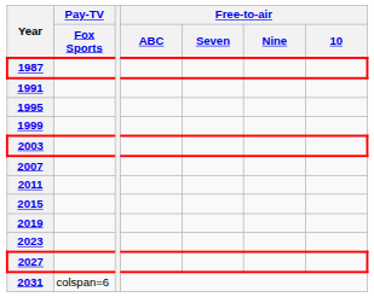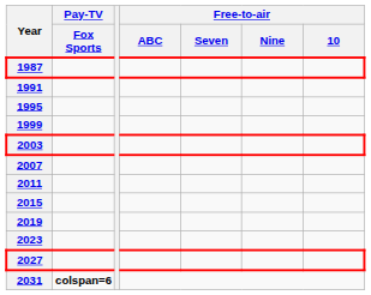 <table class="wikitable" style="float:right; font-size:96%">
 <tr>
 <th width=55px rowspan=2>Year</th>
 <th align=center><a href='#'>Pay-TV</a></th>
 <th rowspan=14></th>
 <th align=center colspan=4><a href='#'>Free-to-air</a></th>
 </tr>
 <tr>
 <th width=75px><a href='#'>Fox Sports</a><br></th>
 <th width=75px><a href='#'>ABC</a></th>
 <th width=75px><a href='#'>Seven</a></th>
 <th width=75px><a href='#'>Nine</a><br></th>
 <th width=75px><a href='#'>10</a></th>
 </tr>
 <tr style="border: 3px solid red">
 <th><a href='#'>1987</a></th>
 <td></td>
 <td></td>
 <td></td>
 <td></td>
 <td></td>
 </tr>
 <tr>
 <th><a href='#'>1991</a></th>
 <td></td>
 <td></td>
 <td></td>
 <td></td>
 <td></td>
 </tr>
 <tr>
 <th><a href='#'>1995</a></th>
 <td></td>
 <td></td>
 <td></td>
 <td></td>
 <td></td>
 </tr>
 <tr>
 <th><a href='#'>1999</a></th>
 <td></td>
 <td></td>
 <td></td>
 <td></td>
 <td></td>
 </tr>
 <tr style="border: 3px solid red">
 <th><a href='#'>2003</a></th>
 <td></td>
 <td></td>
 <td></td>
 <td></td>
 <td></td>
 </tr>
 <tr>
 <th><a href='#'>2007</a></th>
 <td></td>
 <td></td>
 <td></td>
 <td></td>
 <td></td>
 </tr>
 <tr>
 <th><a href='#'>2011</a></th>
 <td></td>
 <td></td>
 <td></td>
 <td></td>
 <td></td>
 </tr>
 <tr>
 <th><a href='#'>2015</a></th>
 <td></td>
 <td></td>
 <td></td>
 <td></td>
 <td></td>
 </tr>
 <tr>
 <th><a href='#'>2019</a></th>
 <td></td>
 <td></td>
 <td></td>
 <td></td>
 <td></td>
 </tr>
 <tr>
 <th><a href='#'>2023</a></th>
 <td></td>
 <td></td>
 <td></td>
 <td></td>
 <td></td>
 </tr>
 <tr style="border: 3px solid red">
 <th><a href='#'>2027</a></th>
 <td></td>
 <td></td>
 <td></td>
 <td></td>
 <td></td>
 </tr>
 <tr>
 <th><a href='#'>2031</a></th>
-<td>colspan=6 </td>
+<td><strong>colspan=6 </strong></td>
 </tr>
 </table>
